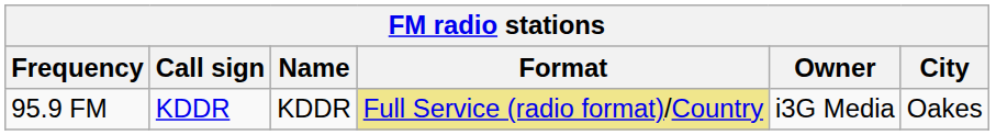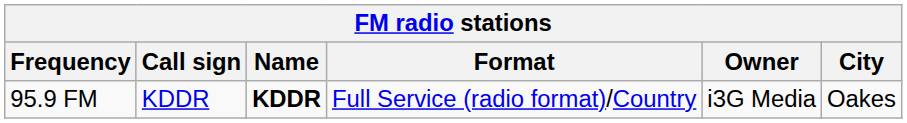 <table class="wikitable">
 <tr>
 <th align="center" colspan="6"><strong><a href='#'>FM radio</a> stations</strong></th>
 </tr>
 <tr>
 <th>Frequency</th>
 <th>Call sign</th>
 <th>Name</th>
 <th>Format</th>
 <th>Owner</th>
 <th>City</th>
 </tr>
 <tr>
 <td>95.9 FM</td>
 <td><a href='#'>KDDR</a></td>
-<td>KDDR</td>
-<td style="background: khaki;"><a href='#'>Full Service (radio format)</a>/<a href='#'>Country</a></td>
+<td><strong>KDDR</strong></td>
+<td><a href='#'>Full Service (radio format)</a>/<a href='#'>Country</a></td>
 <td>i3G Media</td>
 <td>Oakes</td>
 </tr>
 </table>
